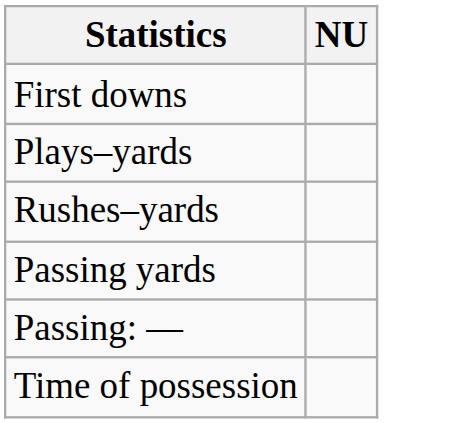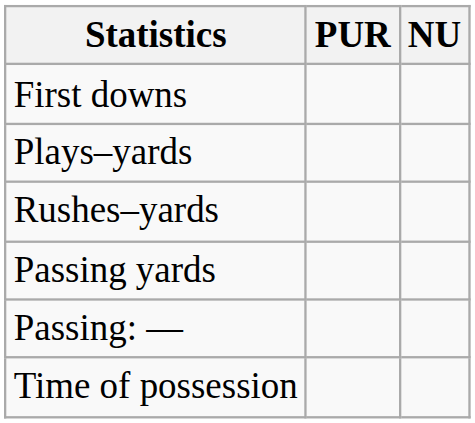 <table class="wikitable" style="float:left">
 <tr>
 <th>Statistics</th>
+<th>PUR</th>
 <th>NU</th>
 </tr>
 <tr>
 <td>First downs</td>
 <td></td>
+<td></td>
 </tr>
 <tr>
 <td>Plays–yards</td>
+<td></td>
 <td></td>
 </tr>
 <tr>
 <td>Rushes–yards</td>
 <td></td>
+<td></td>
 </tr>
 <tr>
 <td>Passing yards</td>
+<td></td>
 <td></td>
 </tr>
 <tr>
 <td>Passing: ––</td>
 <td></td>
+<td></td>
 </tr>
 <tr>
 <td>Time of possession</td>
 <td></td>
+<td></td>
 </tr>
 </table>
